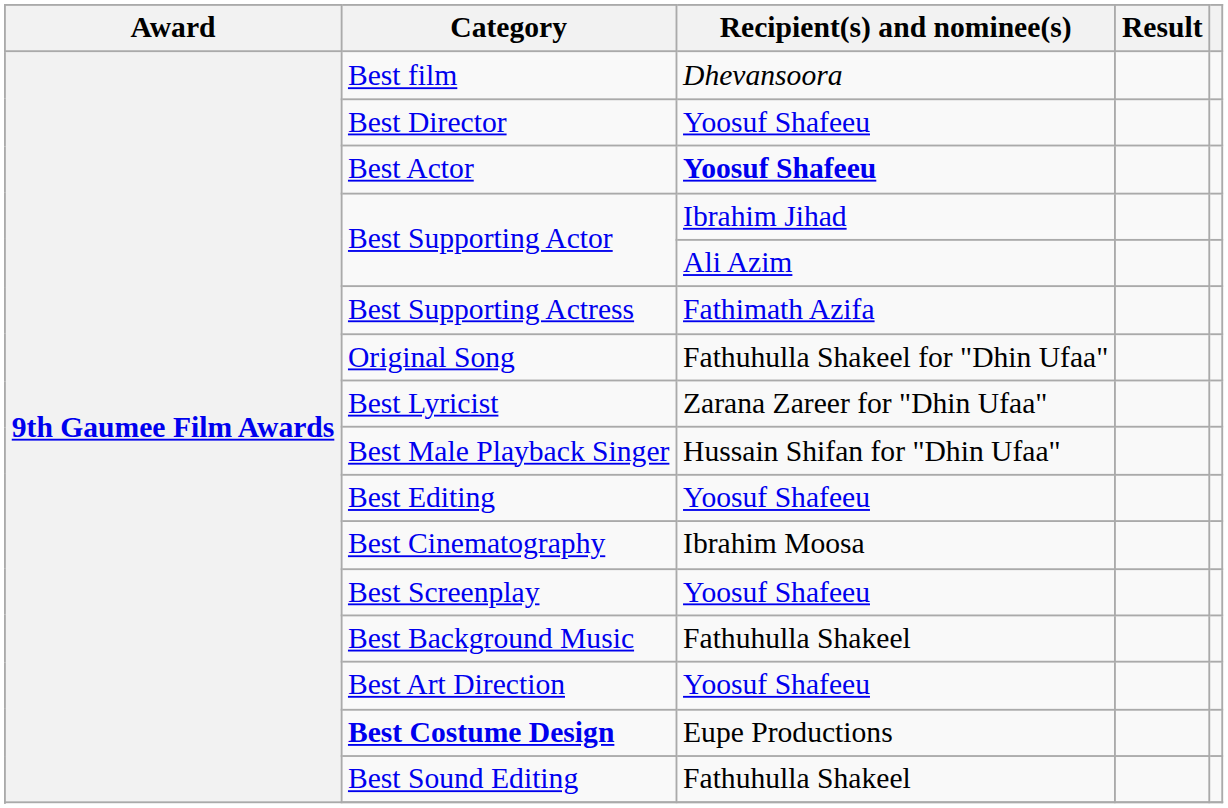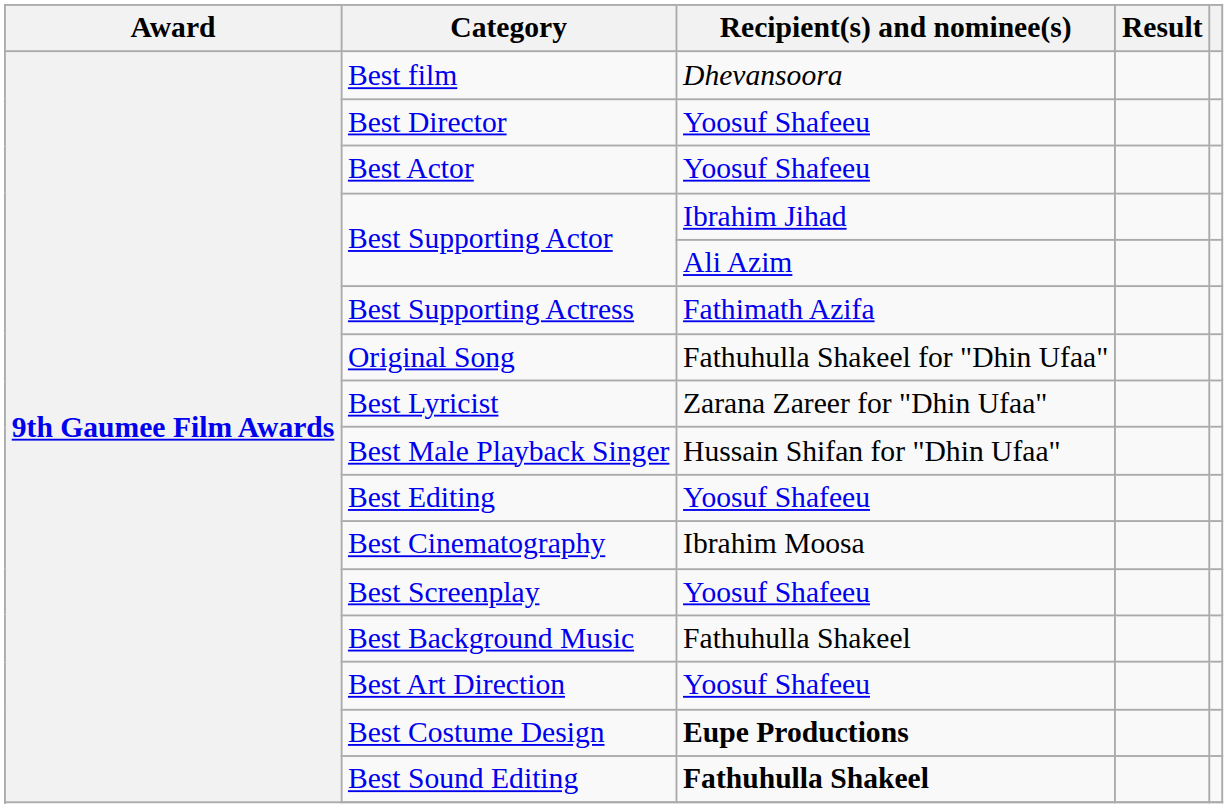 <table class="wikitable plainrowheaders sortable">
 <tr>
 <th scope="col">Award</th>
 <th scope="col">Category</th>
 <th scope="col">Recipient(s) and nominee(s)</th>
 <th scope="col">Result</th>
 <th scope="col" class="unsortable"></th>
 </tr>
 <tr>
 <th scope="row" rowspan="17"><a href='#'>9th Gaumee Film Awards</a></th>
 <td><a href='#'>Best film</a></td>
 <td><em>Dhevansoora</em></td>
 <td></td>
 <td style="text-align:center;"></td>
 </tr>
 <tr>
 <td><a href='#'>Best Director</a></td>
 <td><a href='#'>Yoosuf Shafeeu</a></td>
 <td></td>
 <td style="text-align:center;"></td>
 </tr>
 <tr>
 <td><a href='#'>Best Actor</a></td>
-<td><strong><a href='#'>Yoosuf Shafeeu</a></strong></td>
+<td><a href='#'>Yoosuf Shafeeu</a></td>
 <td></td>
 <td style="text-align:center;"></td>
 </tr>
 <tr>
 <td rowspan="2"><a href='#'>Best Supporting Actor</a></td>
 <td><a href='#'>Ibrahim Jihad</a></td>
 <td></td>
 <td style="text-align:center;"></td>
 </tr>
 <tr>
 <td><a href='#'>Ali Azim</a></td>
 <td></td>
 <td style="text-align:center;"></td>
 </tr>
 <tr>
 <td><a href='#'>Best Supporting Actress</a></td>
 <td><a href='#'>Fathimath Azifa</a></td>
 <td></td>
 <td style="text-align:center;"></td>
 </tr>
 <tr>
 <td><a href='#'>Original Song</a></td>
 <td>Fathuhulla Shakeel for "Dhin Ufaa"</td>
 <td></td>
 <td style="text-align:center;"></td>
 </tr>
 <tr>
 <td><a href='#'>Best Lyricist</a></td>
 <td>Zarana Zareer for "Dhin Ufaa"</td>
 <td></td>
 <td style="text-align:center;"></td>
 </tr>
 <tr>
 <td><a href='#'>Best Male Playback Singer</a></td>
 <td>Hussain Shifan for "Dhin Ufaa"</td>
 <td></td>
 <td style="text-align:center;"></td>
 </tr>
 <tr>
 <td><a href='#'>Best Editing</a></td>
 <td><a href='#'>Yoosuf Shafeeu</a></td>
 <td></td>
 <td style="text-align:center;"></td>
 </tr>
 <tr>
 <td><a href='#'>Best Cinematography</a></td>
 <td>Ibrahim Moosa</td>
 <td></td>
 <td style="text-align:center;"></td>
 </tr>
 <tr>
 <td><a href='#'>Best Screenplay</a></td>
 <td><a href='#'>Yoosuf Shafeeu</a></td>
 <td></td>
 <td style="text-align:center;"></td>
 </tr>
 <tr>
 <td><a href='#'>Best Background Music</a></td>
 <td>Fathuhulla Shakeel</td>
 <td></td>
 <td style="text-align:center;"></td>
 </tr>
 <tr>
 <td><a href='#'>Best Art Direction</a></td>
 <td><a href='#'>Yoosuf Shafeeu</a></td>
 <td></td>
 <td style="text-align:center;"></td>
 </tr>
 <tr>
-<td><strong><a href='#'>Best Costume Design</a></strong></td>
-<td>Eupe Productions</td>
+<td><a href='#'>Best Costume Design</a></td>
+<td><strong>Eupe Productions</strong></td>
 <td></td>
 <td style="text-align:center;"></td>
 </tr>
 <tr>
 <td><a href='#'>Best Sound Editing</a></td>
-<td>Fathuhulla Shakeel</td>
+<td><strong>Fathuhulla Shakeel</strong></td>
 <td></td>
 <td style="text-align:center;"></td>
 </tr>
 <tr>
 </tr>
 </table>
